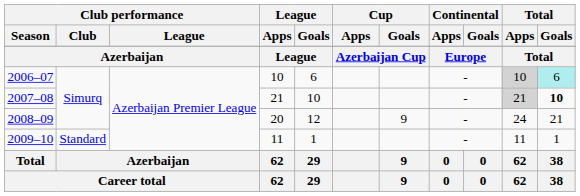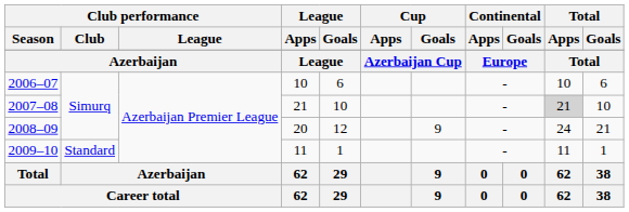 <table class="wikitable" style="text-align:center">
 <tr>
 <th colspan=3>Club performance</th>
 <th colspan=2>League</th>
 <th colspan=2>Cup</th>
 <th colspan=2>Continental</th>
 <th colspan=2>Total</th>
 </tr>
 <tr>
 <th>Season</th>
 <th>Club</th>
 <th>League</th>
 <th>Apps</th>
 <th>Goals</th>
 <th>Apps</th>
 <th>Goals</th>
 <th>Apps</th>
 <th>Goals</th>
 <th>Apps</th>
 <th>Goals</th>
 </tr>
 <tr>
 </tr>
 <tr>
 <th colspan=3>Azerbaijan</th>
 <th colspan=2>League</th>
 <th colspan=2><a href='#'>Azerbaijan Cup</a></th>
 <th colspan=2><a href='#'>Europe</a></th>
 <th colspan=2>Total</th>
 </tr>
 <tr>
 <td><a href='#'>2006–07</a></td>
 <td rowspan="3"><a href='#'>Simurq</a></td>
 <td rowspan="4"><a href='#'>Azerbaijan Premier League</a></td>
 <td>10</td>
 <td>6</td>
 <td></td>
 <td></td>
 <td colspan="2">-</td>
-<td style="background: lightgrey;">10</td>
-<td style="background: paleturquoise;">6</td>
+<td>10</td>
+<td>6</td>
 </tr>
 <tr>
 <td><a href='#'>2007–08</a></td>
 <td>21</td>
 <td>10</td>
 <td></td>
 <td></td>
 <td colspan="2">-</td>
 <td style="background: lightgrey;">21</td>
-<td><strong>10</strong></td>
+<td>10</td>
 </tr>
 <tr>
 <td><a href='#'>2008–09</a></td>
 <td>20</td>
 <td>12</td>
 <td></td>
 <td>9</td>
 <td colspan="2">-</td>
 <td>24</td>
 <td>21</td>
 </tr>
 <tr>
 <td><a href='#'>2009–10</a></td>
 <td><a href='#'>Standard</a></td>
 <td>11</td>
 <td>1</td>
 <td></td>
 <td></td>
 <td colspan="2">-</td>
 <td>11</td>
 <td>1</td>
 </tr>
 <tr>
 <th rowspan=1>Total</th>
 <th colspan=2>Azerbaijan</th>
 <th>62</th>
 <th>29</th>
 <th></th>
 <th>9</th>
 <th>0</th>
 <th>0</th>
 <th>62</th>
 <th>38</th>
 </tr>
 <tr>
 <th colspan=3>Career total</th>
 <th>62</th>
 <th>29</th>
 <th></th>
 <th>9</th>
 <th>0</th>
 <th>0</th>
 <th>62</th>
 <th>38</th>
 </tr>
 </table>
